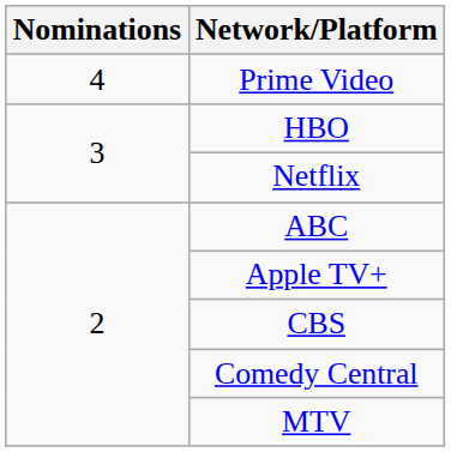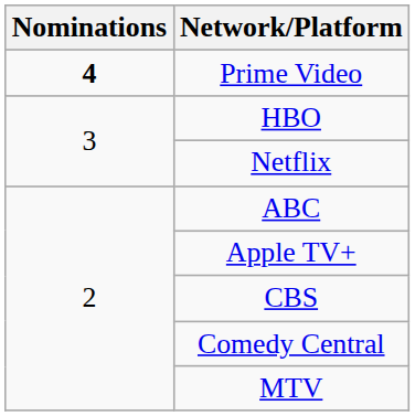 <table class="wikitable floatright" style="text-align:center;">
 <tr>
 <th scope="col" style="width:55px;">Nominations</th>
 <th scope="col" style="text-align:center;">Network/Platform</th>
 </tr>
 <tr>
-<td style="text-align:center">4</td>
+<td style="text-align:center"><strong>4</strong></td>
 <td><a href='#'>Prime Video</a></td>
 </tr>
 <tr>
 <td rowspan="2" style="text-align:center">3</td>
 <td><a href='#'>HBO</a></td>
 </tr>
 <tr>
 <td><a href='#'>Netflix</a></td>
 </tr>
 <tr>
 <td rowspan="5" style="text-align:center">2</td>
 <td><a href='#'>ABC</a></td>
 </tr>
 <tr>
 <td><a href='#'>Apple TV+</a></td>
 </tr>
 <tr>
 <td><a href='#'>CBS</a></td>
 </tr>
 <tr>
 <td><a href='#'>Comedy Central</a></td>
 </tr>
 <tr>
 <td><a href='#'>MTV</a></td>
 </tr>
 </table>
